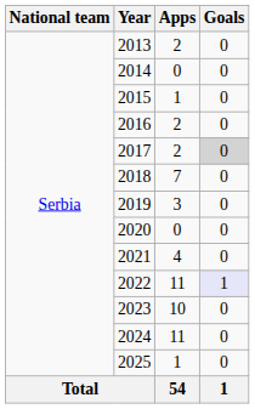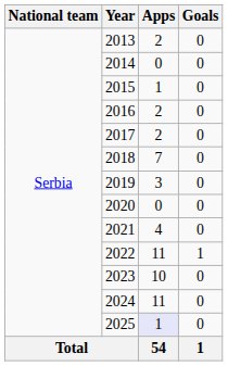 <table class="wikitable" style="text-align:center">
 <tr>
 <th>National team</th>
 <th>Year</th>
 <th>Apps</th>
 <th>Goals</th>
 </tr>
 <tr>
 <td rowspan="13"><a href='#'>Serbia</a></td>
 <td>2013</td>
 <td>2</td>
 <td>0</td>
 </tr>
 <tr>
 <td>2014</td>
 <td>0</td>
 <td>0</td>
 </tr>
 <tr>
 <td>2015</td>
 <td>1</td>
 <td>0</td>
 </tr>
 <tr>
 <td>2016</td>
 <td>2</td>
 <td>0</td>
 </tr>
 <tr>
 <td>2017</td>
 <td>2</td>
-<td style="background: lightgrey;">0</td>
+<td>0</td>
 </tr>
 <tr>
 <td>2018</td>
 <td>7</td>
 <td>0</td>
 </tr>
 <tr>
 <td>2019</td>
 <td>3</td>
 <td>0</td>
 </tr>
 <tr>
 <td>2020</td>
 <td>0</td>
 <td>0</td>
 </tr>
 <tr>
 <td>2021</td>
 <td>4</td>
 <td>0</td>
 </tr>
 <tr>
 <td>2022</td>
 <td>11</td>
-<td style="background: lavender;">1</td>
+<td>1</td>
 </tr>
 <tr>
 <td>2023</td>
 <td>10</td>
 <td>0</td>
 </tr>
 <tr>
 <td>2024</td>
 <td>11</td>
 <td>0</td>
 </tr>
 <tr>
 <td>2025</td>
-<td>1</td>
+<td style="background: lavender;">1</td>
 <td>0</td>
 </tr>
 <tr>
 <th colspan="2">Total</th>
 <th>54</th>
 <th>1</th>
 </tr>
 </table>
